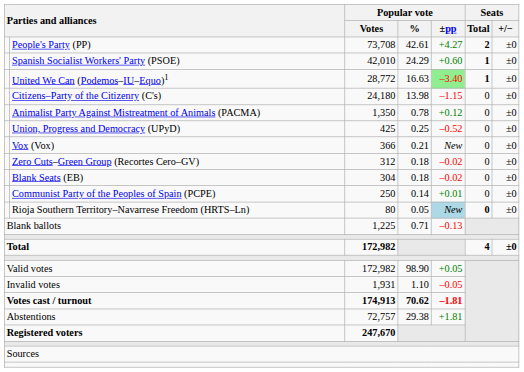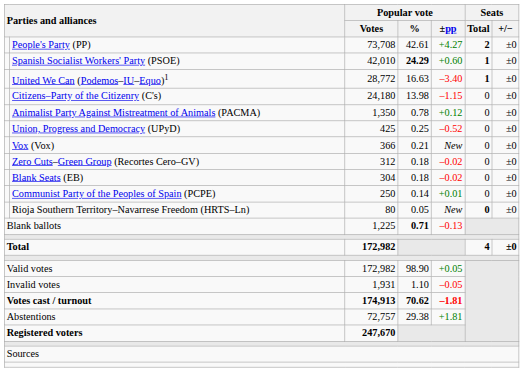 <table class="wikitable" style="text-align:right;">
 <tr>
 <th style="text-align:left;" rowspan="2" colspan="2" width="525">Parties and alliances</th>
 <th colspan="3">Popular vote</th>
 <th colspan="2">Seats</th>
 </tr>
 <tr>
 <th width="75">Votes</th>
 <th width="45">%</th>
 <th width="45">±<a href='#'>pp</a></th>
 <th width="35">Total</th>
 <th width="35">+/−</th>
 </tr>
 <tr>
 <td width="1" style="color:inherit;background:"></td>
 <td align="left"><a href='#'>People's Party</a> (PP)</td>
 <td>73,708</td>
 <td>42.61</td>
 <td style="color:green;">+4.27</td>
 <td><strong>2</strong></td>
 <td>±0</td>
 </tr>
 <tr>
 <td style="color:inherit;background:"></td>
 <td align="left"><a href='#'>Spanish Socialist Workers' Party</a> (PSOE)</td>
 <td>42,010</td>
-<td>24.29</td>
+<td><strong>24.29</strong></td>
 <td style="color:green;">+0.60</td>
 <td><strong>1</strong></td>
 <td>±0</td>
 </tr>
 <tr>
 <td style="color:inherit;background:"></td>
 <td align="left"><a href='#'>United We Can</a> (<a href='#'>Podemos</a>–<a href='#'>IU</a>–<a href='#'>Equo</a>)<sup>1</sup></td>
 <td>28,772</td>
 <td>16.63</td>
-<td style="background: lightgreen; color:red;">–3.40</td>
+<td style="color:red;">–3.40</td>
 <td><strong>1</strong></td>
 <td>±0</td>
 </tr>
 <tr>
 <td style="color:inherit;background:"></td>
 <td align="left"><a href='#'>Citizens–Party of the Citizenry</a> (C's)</td>
 <td>24,180</td>
 <td>13.98</td>
 <td style="color:red;">–1.15</td>
 <td>0</td>
 <td>±0</td>
 </tr>
 <tr>
 <td style="color:inherit;background:"></td>
 <td align="left"><a href='#'>Animalist Party Against Mistreatment of Animals</a> (PACMA)</td>
 <td>1,350</td>
 <td>0.78</td>
 <td style="color:green;">+0.12</td>
 <td>0</td>
 <td>±0</td>
 </tr>
 <tr>
 <td style="color:inherit;background:"></td>
 <td align="left"><a href='#'>Union, Progress and Democracy</a> (UPyD)</td>
 <td>425</td>
 <td>0.25</td>
 <td style="color:red;">–0.52</td>
 <td>0</td>
 <td>±0</td>
 </tr>
 <tr>
 <td style="color:inherit;background:"></td>
 <td align="left"><a href='#'>Vox</a> (Vox)</td>
 <td>366</td>
 <td>0.21</td>
 <td><em>New</em></td>
 <td>0</td>
 <td>±0</td>
 </tr>
 <tr>
 <td style="color:inherit;background:"></td>
 <td align="left"><a href='#'>Zero Cuts</a>–<a href='#'>Green Group</a> (Recortes Cero–GV)</td>
 <td>312</td>
 <td>0.18</td>
 <td style="color:red;">–0.02</td>
 <td>0</td>
 <td>±0</td>
 </tr>
 <tr>
 <td style="color:inherit;background:"></td>
 <td align="left"><a href='#'>Blank Seats</a> (EB)</td>
 <td>304</td>
 <td>0.18</td>
 <td style="color:red;">–0.02</td>
 <td>0</td>
 <td>±0</td>
 </tr>
 <tr>
 <td style="color:inherit;background:"></td>
 <td align="left"><a href='#'>Communist Party of the Peoples of Spain</a> (PCPE)</td>
 <td>250</td>
 <td>0.14</td>
 <td style="color:green;">+0.01</td>
 <td>0</td>
 <td>±0</td>
 </tr>
 <tr>
 <td style="color:inherit;background:"></td>
 <td align="left">Rioja Southern Territory–Navarrese Freedom (HRTS–Ln)</td>
 <td>80</td>
 <td>0.05</td>
-<td style="background: lightblue;"><em>New</em></td>
+<td><em>New</em></td>
 <td><strong>0</strong></td>
 <td>±0</td>
 </tr>
 <tr>
 <td align="left" colspan="2">Blank ballots</td>
 <td>1,225</td>
-<td>0.71</td>
+<td><strong>0.71</strong></td>
 <td style="color:red;">–0.13</td>
 <td bgcolor="#E9E9E9" colspan="2"></td>
 </tr>
 <tr>
 <td colspan="7" bgcolor="#E9E9E9"></td>
 </tr>
 <tr style="font-weight:bold;">
 <td align="left" colspan="2">Total</td>
 <td>172,982</td>
 <td bgcolor="#E9E9E9" colspan="2"></td>
 <td>4</td>
 <td>±0</td>
 </tr>
 <tr>
 <td colspan="7" bgcolor="#E9E9E9"></td>
 </tr>
 <tr>
 <td align="left" colspan="2">Valid votes</td>
 <td>172,982</td>
 <td>98.90</td>
 <td style="color:green;">+0.05</td>
 <td bgcolor="#E9E9E9" colspan="2" rowspan="5"></td>
 </tr>
 <tr>
 <td align="left" colspan="2">Invalid votes</td>
 <td>1,931</td>
 <td>1.10</td>
 <td style="color:red;">–0.05</td>
 </tr>
 <tr style="font-weight:bold;">
 <td align="left" colspan="2">Votes cast / turnout</td>
 <td>174,913</td>
 <td>70.62</td>
 <td style="color:red;">–1.81</td>
 </tr>
 <tr>
 <td align="left" colspan="2">Abstentions</td>
 <td>72,757</td>
 <td>29.38</td>
 <td style="color:green;">+1.81</td>
 </tr>
 <tr style="font-weight:bold;">
 <td align="left" colspan="2">Registered voters</td>
 <td>247,670</td>
 <td bgcolor="#E9E9E9" colspan="2"></td>
 </tr>
 <tr>
 <td colspan="7" bgcolor="#E9E9E9"></td>
 </tr>
 <tr>
 <td align="left" colspan="7">Sources</td>
 </tr>
 <tr>
 <td colspan="7" style="text-align:left; max-width:790px;"></td>
 </tr>
 </table>
